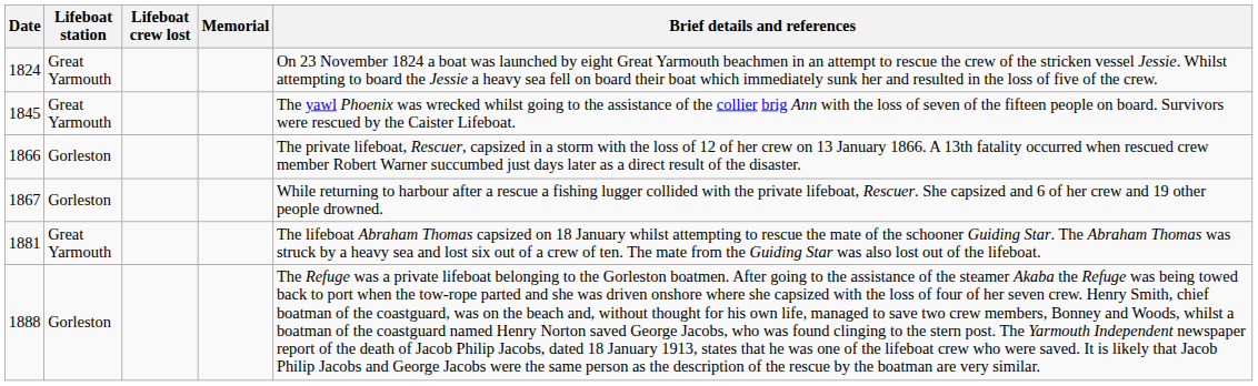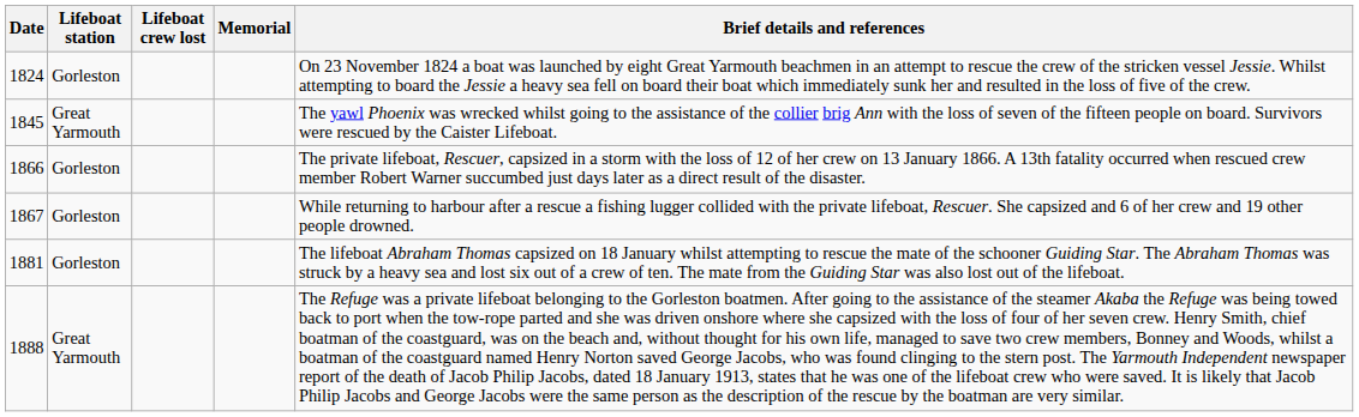 <table class="wikitable">
 <tr ---->
 <th style="text-align: center; background:">Date</th>
 <th style="text-align: center; background:">Lifeboat station</th>
 <th style="text-align: center; background:">Lifeboat crew lost</th>
 <th style="text-align: center; background:">Memorial</th>
 <th style="text-align: center; background:">Brief details and references</th>
 </tr>
 <tr ---->
 <td>1824</td>
-<td>Great Yarmouth</td>
+<td>Gorleston</td>
 <td></td>
 <td></td>
 <td>On 23 November 1824 a boat was launched by eight Great Yarmouth beachmen in an attempt to rescue the crew of the stricken vessel <em>Jessie</em>. Whilst attempting to board the <em>Jessie</em> a heavy sea fell on board their boat which immediately sunk her and resulted in the loss of five of the crew.</td>
 </tr>
 <tr ---->
 <td>1845</td>
 <td>Great Yarmouth</td>
 <td></td>
 <td></td>
 <td>The <a href='#'>yawl</a> <em>Phoenix</em> was wrecked whilst going to the assistance of the <a href='#'>collier</a> <a href='#'>brig</a> <em>Ann</em> with the loss of seven of the fifteen people on board. Survivors were rescued by the Caister Lifeboat.</td>
 </tr>
 <tr ---->
 <td>1866</td>
 <td>Gorleston</td>
 <td></td>
 <td></td>
 <td>The private lifeboat, <em>Rescuer</em>, capsized in a storm with the loss of 12 of her crew on 13 January 1866. A 13th fatality occurred when rescued crew member Robert Warner succumbed just days later as a direct result of the disaster.</td>
 </tr>
 <tr ---->
 <td>1867</td>
 <td>Gorleston</td>
 <td></td>
 <td></td>
 <td>While returning to harbour after a rescue a fishing lugger collided with the private lifeboat, <em>Rescuer</em>. She capsized and 6 of her crew and 19 other people drowned.</td>
 </tr>
 <tr ---->
 <td>1881</td>
-<td>Great Yarmouth</td>
+<td>Gorleston</td>
 <td></td>
 <td></td>
 <td>The lifeboat <em>Abraham Thomas</em> capsized on 18 January whilst attempting to rescue the mate of the schooner <em>Guiding Star</em>. The <em>Abraham Thomas</em> was struck by a heavy sea and lost six out of a crew of ten. The mate from the <em>Guiding Star</em> was also lost out of the lifeboat.</td>
 </tr>
 <tr ---->
 <td>1888</td>
-<td>Gorleston</td>
+<td>Great Yarmouth</td>
 <td></td>
 <td></td>
 <td>The <em>Refuge</em> was a private lifeboat belonging to the Gorleston boatmen. After going to the assistance of the steamer <em>Akaba</em> the <em>Refuge</em> was being towed back to port when the tow-rope parted and she was driven onshore where she capsized with the loss of four of her seven crew. Henry Smith, chief boatman of the coastguard, was on the beach and, without thought for his own life, managed to save two crew members, Bonney and Woods, whilst a boatman of the coastguard named Henry Norton saved George Jacobs, who was found clinging to the stern post. The <em>Yarmouth Independent</em> newspaper report of the death of Jacob Philip Jacobs, dated 18 January 1913, states that he was one of the lifeboat crew who were saved. It is likely that Jacob Philip Jacobs and George Jacobs were the same person as the description of the rescue by the boatman are very similar.</td>
 </tr>
 </table>
